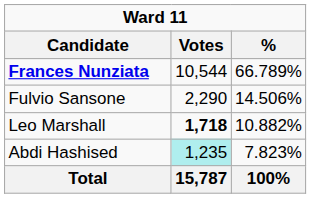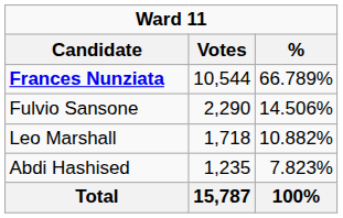 <table class="wikitable">
 <tr>
 <td Colspan="3" align="center"><strong>Ward 11</strong></td>
 </tr>
 <tr>
 <th bgcolor="#DDDDFF" width="150px">Candidate</th>
 <th bgcolor="#DDDDFF">Votes</th>
 <th bgcolor="#DDDDFF">%</th>
 </tr>
 <tr>
 <td><strong><a href='#'>Frances Nunziata</a></strong></td>
 <td align=right>10,544</td>
 <td align=right>66.789%</td>
 </tr>
 <tr>
 <td>Fulvio Sansone</td>
 <td align=right>2,290</td>
 <td align=right>14.506%</td>
 </tr>
 <tr>
 <td>Leo Marshall</td>
-<td align=right><strong>1,718</strong></td>
+<td align=right>1,718</td>
 <td align=right>10.882%</td>
 </tr>
 <tr>
 <td>Abdi Hashised</td>
-<td align=right style="background: paleturquoise;">1,235</td>
+<td align=right>1,235</td>
 <td align=right>7.823%</td>
 </tr>
 <tr>
 <th>Total</th>
 <th align=right>15,787</th>
 <th align=right>100%</th>
 </tr>
 </table>
